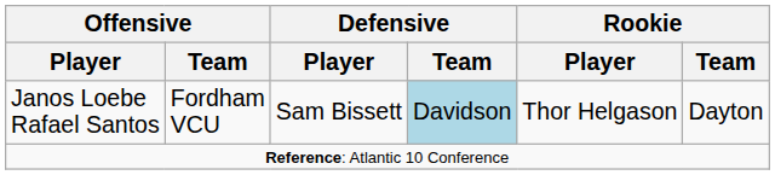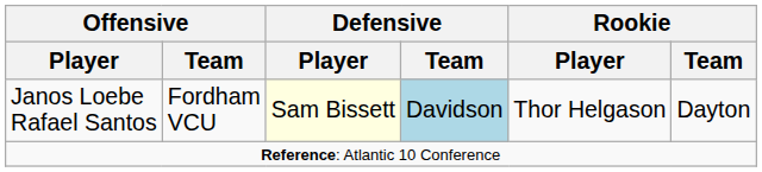 <table class="wikitable">
 <tr>
 <th colspan="2">Offensive</th>
 <th colspan="2">Defensive</th>
 <th colspan="2">Rookie</th>
 </tr>
 <tr>
 <th>Player</th>
 <th>Team</th>
 <th>Player</th>
 <th>Team</th>
 <th>Player</th>
 <th>Team</th>
 </tr>
 <tr>
 <td>Janos Loebe<br>Rafael Santos</td>
 <td>Fordham<br>VCU</td>
-<td>Sam Bissett</td>
+<td style="background: lightyellow;">Sam Bissett</td>
 <td style="background: lightblue;">Davidson</td>
 <td>Thor Helgason</td>
 <td>Dayton</td>
 </tr>
 <tr>
 <td colspan="12"  style="font-size:8pt; text-align:center;"><strong>Reference</strong>: Atlantic 10 Conference</td>
 </tr>
 </table>
